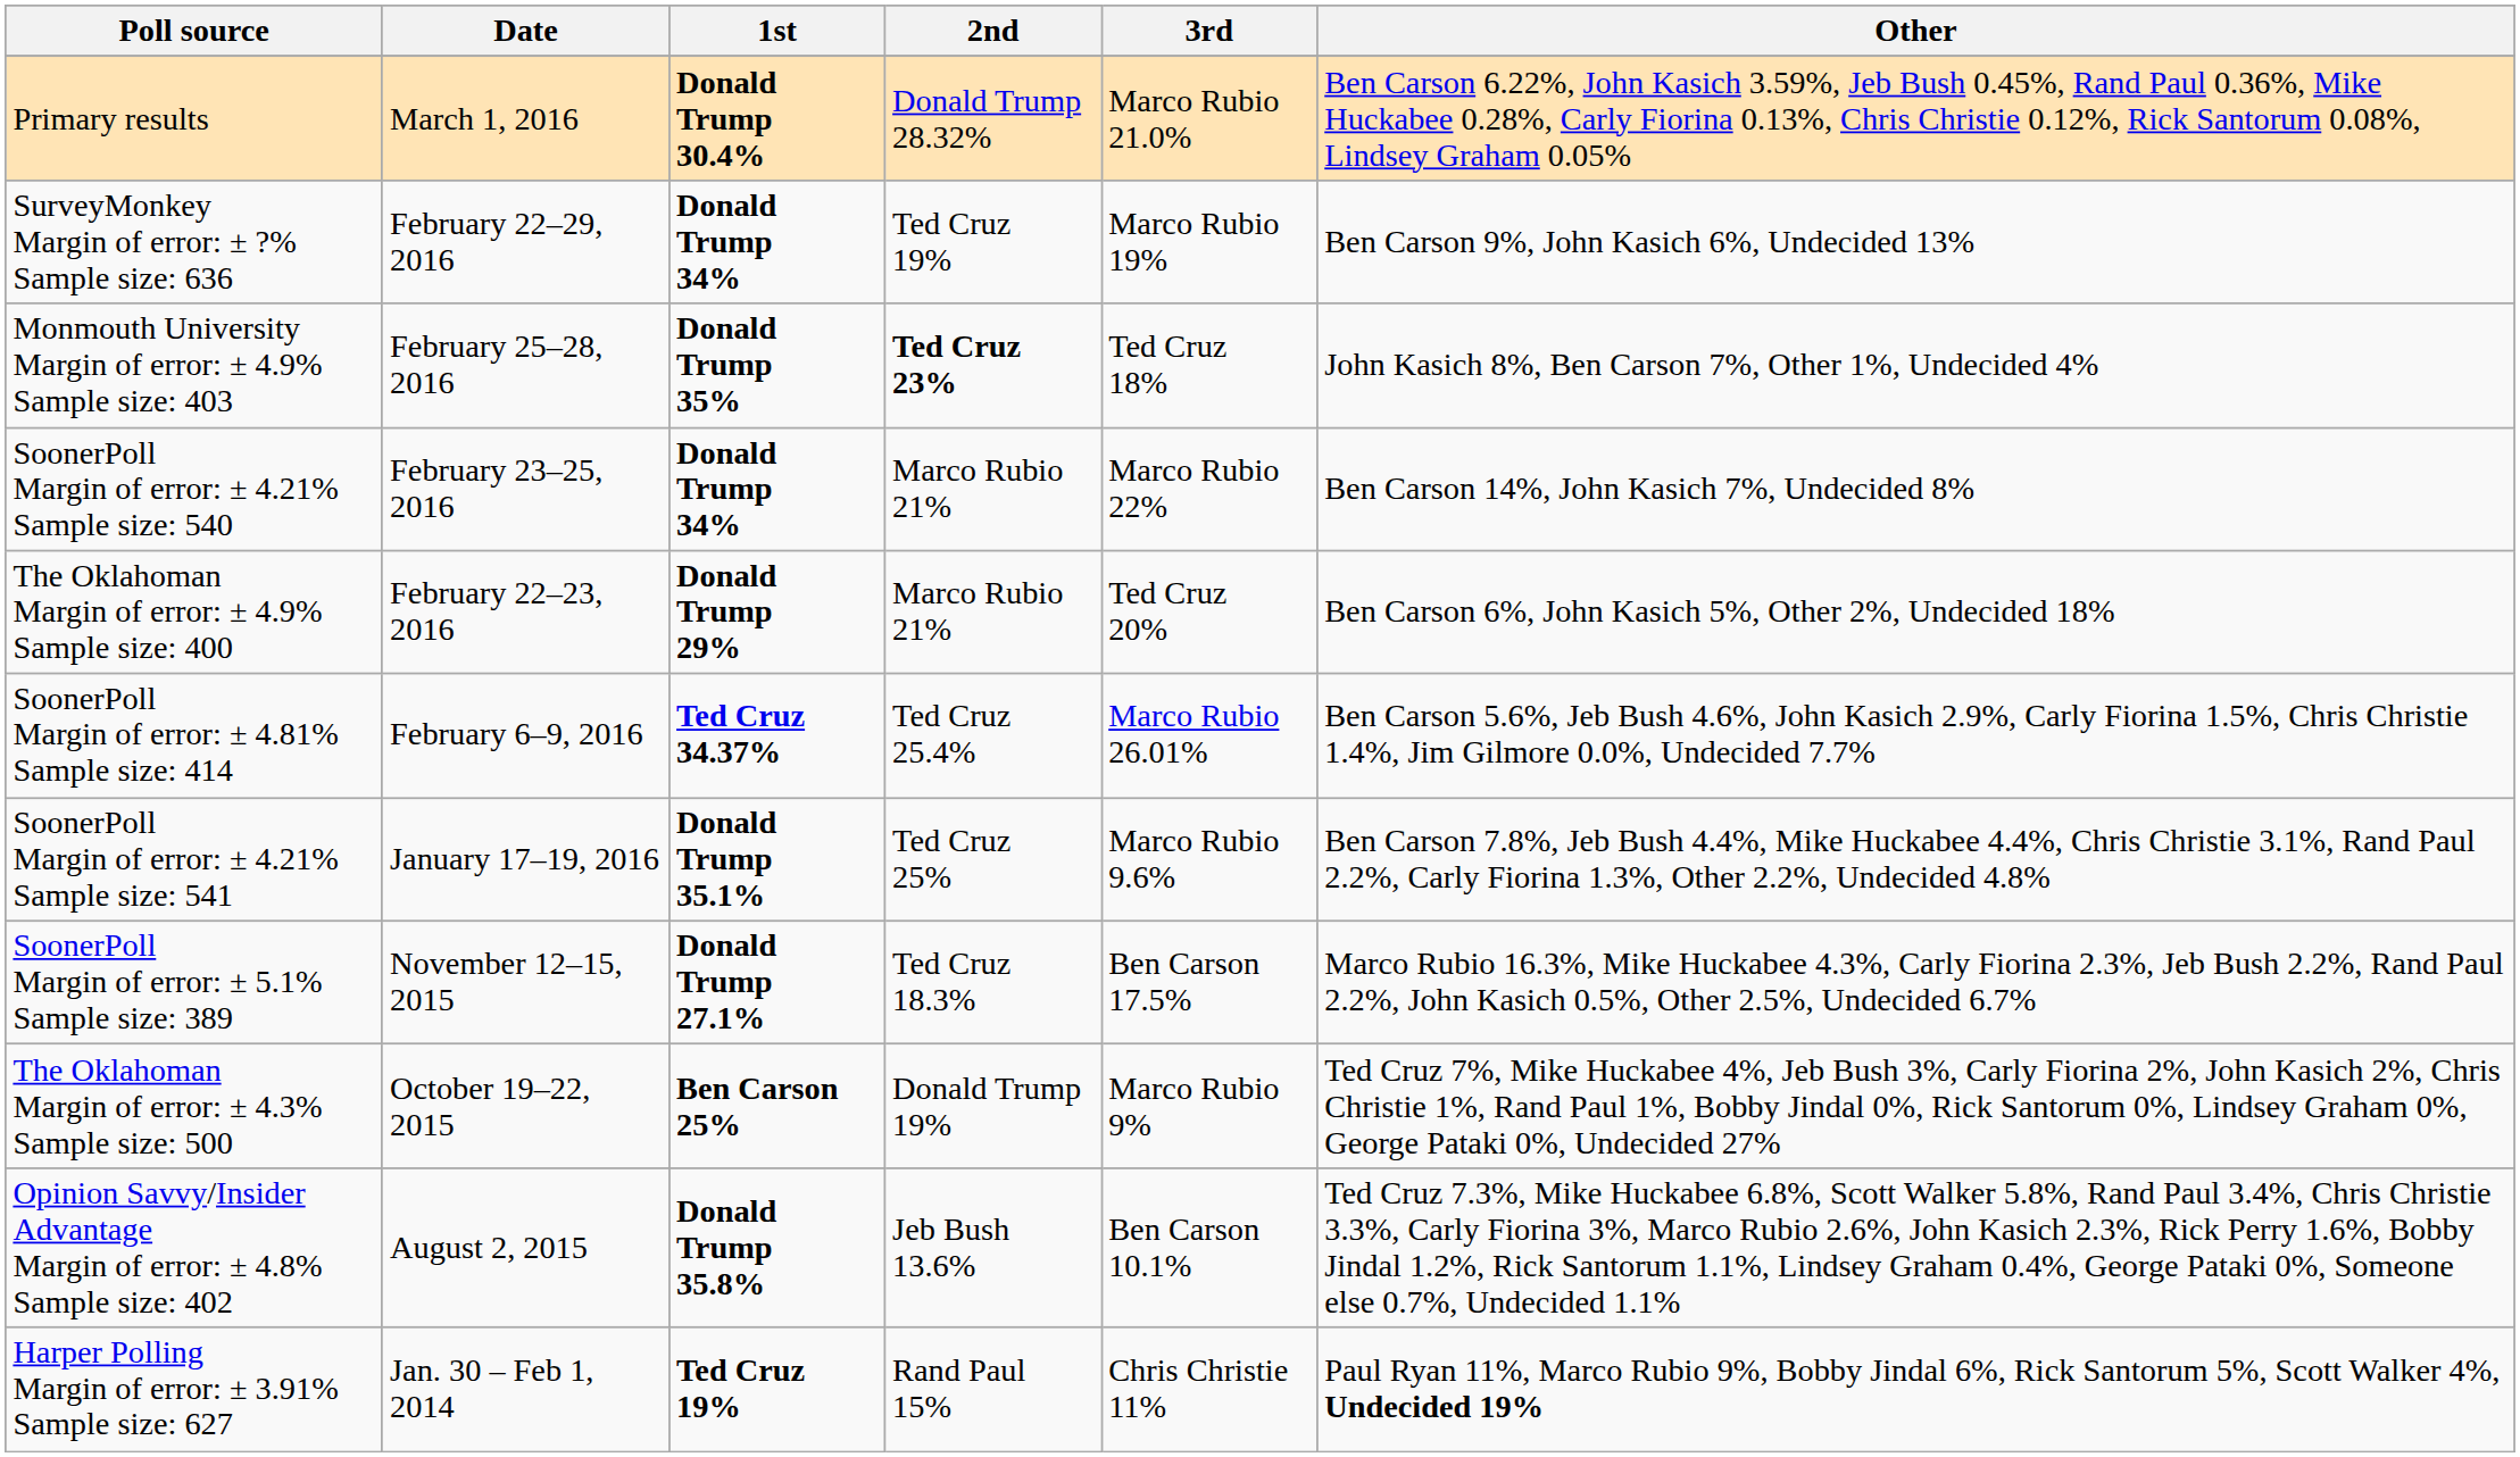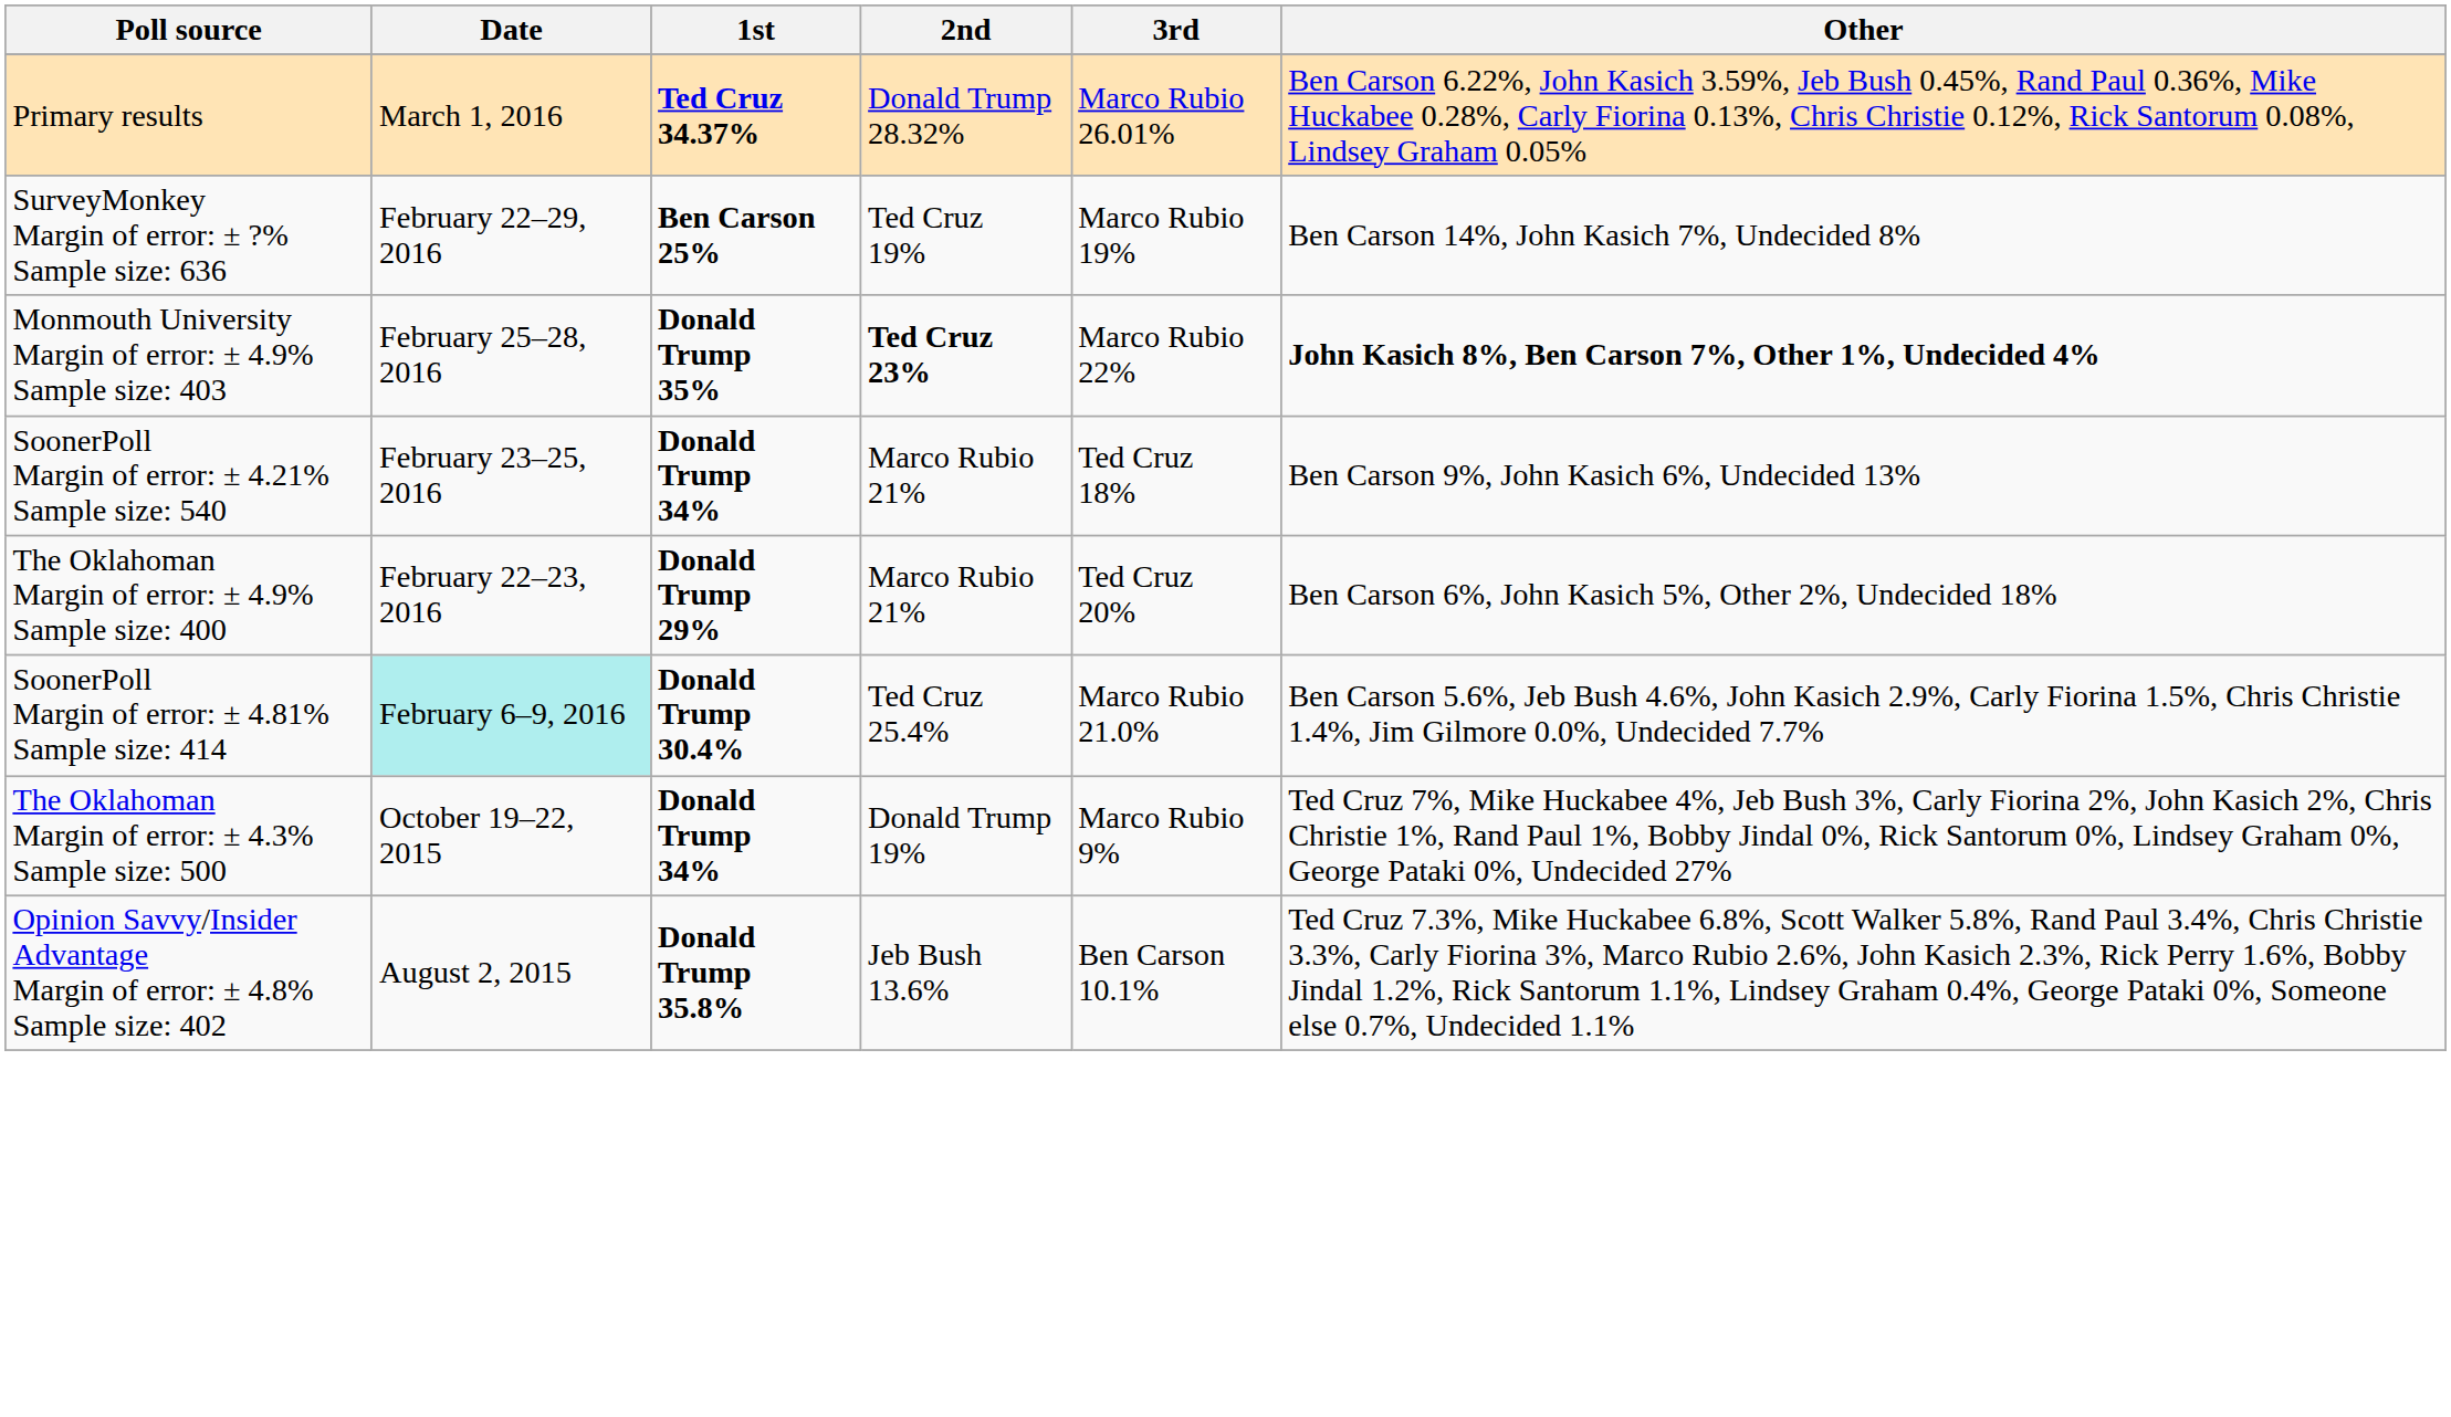 <table class="wikitable">
 <tr>
 <th style="width:180px;">Poll source</th>
 <th style="width:135px;">Date</th>
 <th style="width:100px;">1st</th>
 <th style="width:100px;">2nd</th>
 <th style="width:100px;">3rd</th>
 <th>Other</th>
 </tr>
 <tr>
 </tr>
 <tr style="background:Moccasin;">
 <td>Primary results</td>
 <td>March 1, 2016</td>
-<td><strong>Donald Trump<br>30.4%</strong></td>
+<td><strong><a href='#'>Ted Cruz</a><br>34.37%</strong></td>
 <td><a href='#'>Donald Trump</a><br>28.32%</td>
-<td>Marco Rubio<br>21.0%</td>
+<td><a href='#'>Marco Rubio</a><br>26.01%</td>
 <td><a href='#'>Ben Carson</a> 6.22%, <a href='#'>John Kasich</a> 3.59%, <a href='#'>Jeb Bush</a> 0.45%, <a href='#'>Rand Paul</a> 0.36%, <a href='#'>Mike Huckabee</a> 0.28%, <a href='#'>Carly Fiorina</a> 0.13%, <a href='#'>Chris Christie</a> 0.12%,  <a href='#'>Rick Santorum</a> 0.08%, <a href='#'>Lindsey Graham</a> 0.05%</td>
 </tr>
 <tr>
 <td>SurveyMonkey<br>Margin of error: ± ?% Sample size: 636</td>
 <td>February 22–29, 2016</td>
-<td><strong>Donald Trump<br>34%</strong></td>
+<td><strong>Ben Carson<br>25%</strong></td>
 <td>Ted Cruz<br>19%</td>
 <td>Marco Rubio<br>19%</td>
-<td>Ben Carson 9%, John Kasich 6%, Undecided 13%</td>
+<td>Ben Carson 14%, John Kasich 7%, Undecided 8%</td>
 </tr>
 <tr>
 <td>Monmouth University<br>Margin of error: ± 4.9% <br>Sample size: 403</td>
 <td>February 25–28, 2016</td>
 <td><strong>Donald Trump<br>35%</strong></td>
 <td><strong>Ted Cruz<br>23%</strong></td>
-<td>Ted Cruz<br>18%</td>
-<td>John Kasich 8%, Ben Carson 7%, Other 1%, Undecided 4%</td>
+<td>Marco Rubio<br>22%</td>
+<td><strong>John Kasich 8%, Ben Carson 7%, Other 1%, Undecided 4%</strong></td>
 </tr>
 <tr>
 <td>SoonerPoll<br>Margin of error: ± 4.21% <br>Sample size: 540</td>
 <td>February 23–25, 2016</td>
 <td><strong>Donald Trump<br>34%</strong></td>
 <td>Marco Rubio<br>21%</td>
-<td>Marco Rubio<br>22%</td>
-<td>Ben Carson 14%, John Kasich 7%, Undecided 8%</td>
+<td>Ted Cruz<br>18%</td>
+<td>Ben Carson 9%, John Kasich 6%, Undecided 13%</td>
 </tr>
 <tr>
 <td>The Oklahoman<br>Margin of error: ± 4.9% <br>Sample size: 400</td>
 <td>February 22–23, 2016</td>
 <td><strong>Donald Trump<br>29%</strong></td>
 <td>Marco Rubio<br>21%</td>
 <td>Ted Cruz<br>20%</td>
 <td>Ben Carson 6%, John Kasich 5%, Other 2%, Undecided 18%</td>
 </tr>
 <tr>
 <td>SoonerPoll<br>Margin of error: ± 4.81% <br>Sample size: 414</td>
-<td>February 6–9, 2016</td>
-<td><strong><a href='#'>Ted Cruz</a><br>34.37%</strong></td>
+<td style="background: paleturquoise;">February 6–9, 2016</td>
+<td><strong>Donald Trump<br>30.4%</strong></td>
 <td>Ted Cruz<br>25.4%</td>
-<td><a href='#'>Marco Rubio</a><br>26.01%</td>
+<td>Marco Rubio<br>21.0%</td>
 <td>Ben Carson 5.6%, Jeb Bush 4.6%, John Kasich 2.9%, Carly Fiorina 1.5%, Chris Christie 1.4%, Jim Gilmore 0.0%, Undecided 7.7%</td>
-</tr>
-<tr>
-<td>SoonerPoll<br>Margin of error: ± 4.21% Sample size: 541</td>
-<td>January 17–19, 2016</td>
-<td><strong>Donald Trump<br>35.1%</strong></td>
-<td>Ted Cruz<br>25%</td>
-<td>Marco Rubio<br>9.6%</td>
-<td>Ben Carson 7.8%, Jeb Bush 4.4%, Mike Huckabee 4.4%, Chris Christie 3.1%, Rand Paul 2.2%, Carly Fiorina 1.3%, Other 2.2%, Undecided 4.8%</td>
-</tr>
-<tr>
-<td><a href='#'>SoonerPoll</a><br>Margin of error: ± 5.1% <br>Sample size: 389</td>
-<td>November 12–15, 2015</td>
-<td><strong>Donald Trump<br>27.1%</strong></td>
-<td>Ted Cruz<br>18.3%</td>
-<td>Ben Carson<br>17.5%</td>
-<td>Marco Rubio 16.3%, Mike Huckabee 4.3%, Carly Fiorina 2.3%, Jeb Bush 2.2%, Rand Paul 2.2%, John Kasich 0.5%, Other 2.5%, Undecided 6.7%</td>
 </tr>
 <tr>
 <td><a href='#'>The Oklahoman</a><br>Margin of error: ± 4.3% <br>Sample size: 500</td>
 <td>October 19–22, 2015</td>
-<td><strong>Ben Carson<br>25%</strong></td>
+<td><strong>Donald Trump<br>34%</strong></td>
 <td>Donald Trump<br>19%</td>
 <td>Marco Rubio<br>9%</td>
 <td>Ted Cruz 7%, Mike Huckabee 4%, Jeb Bush 3%, Carly Fiorina 2%, John Kasich 2%, Chris Christie 1%, Rand Paul 1%, Bobby Jindal 0%, Rick Santorum 0%, Lindsey Graham 0%, George Pataki 0%, Undecided 27%</td>
 </tr>
 <tr>
 <td><a href='#'>Opinion Savvy</a>/<a href='#'>Insider Advantage</a><br>Margin of error: ± 4.8% <br>Sample size: 402</td>
 <td>August 2, 2015</td>
 <td><strong>Donald Trump<br>35.8%</strong></td>
 <td>Jeb Bush<br>13.6%</td>
 <td>Ben Carson<br>10.1%</td>
 <td>Ted Cruz 7.3%, Mike Huckabee 6.8%, Scott Walker 5.8%, Rand Paul 3.4%, Chris Christie 3.3%, Carly Fiorina 3%, Marco Rubio 2.6%, John Kasich 2.3%, Rick Perry 1.6%, Bobby Jindal 1.2%, Rick Santorum 1.1%, Lindsey Graham 0.4%, George Pataki 0%, Someone else 0.7%, Undecided 1.1%</td>
 </tr>
-<tr>
-<td><a href='#'>Harper Polling</a><br>Margin of error: ± 3.91% <br>Sample size: 627</td>
-<td>Jan. 30 – Feb 1, 2014</td>
-<td><strong>Ted Cruz<br>19%</strong></td>
-<td>Rand Paul<br>15%</td>
-<td>Chris Christie<br>11%</td>
-<td>Paul Ryan 11%, Marco Rubio 9%, Bobby Jindal 6%, Rick Santorum 5%, Scott Walker 4%, <span><strong>Undecided 19%</strong></span></td>
-</tr>
 </table>
